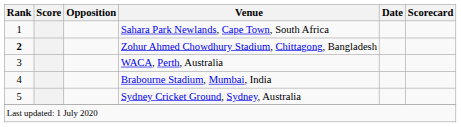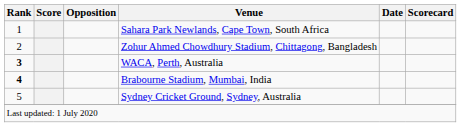 <table class="wikitable plainrowheaders sortable">
 <tr>
 <th scope=col>Rank</th>
 <th scope=col>Score</th>
 <th scope=col>Opposition</th>
 <th scope=col>Venue</th>
 <th scope=col>Date</th>
 <th scope=col>Scorecard</th>
 </tr>
 <tr>
 <td align=center>1</td>
 <th scope=row style=text-align:center;></th>
 <td></td>
 <td><a href='#'>Sahara Park Newlands</a>, <a href='#'>Cape Town</a>, South Africa</td>
 <td></td>
 <td></td>
 </tr>
 <tr>
-<td align=center><strong>2</strong></td>
+<td align=center>2</td>
 <th scope=row style=text-align:center;></th>
 <td></td>
 <td><a href='#'>Zohur Ahmed Chowdhury Stadium</a>, <a href='#'>Chittagong</a>, Bangladesh</td>
 <td></td>
 <td></td>
 </tr>
 <tr>
-<td align=center>3</td>
+<td align=center><strong>3</strong></td>
 <th scope=row style=text-align:center;></th>
 <td></td>
 <td><a href='#'>WACA</a>, <a href='#'>Perth</a>, Australia</td>
 <td></td>
 <td></td>
 </tr>
 <tr>
-<td align=center>4</td>
+<td align=center><strong>4</strong></td>
 <th scope=row style=text-align:center;></th>
 <td></td>
 <td><a href='#'>Brabourne Stadium</a>, <a href='#'>Mumbai</a>, India</td>
 <td></td>
 <td></td>
 </tr>
 <tr>
 <td align=center>5</td>
 <th scope=row style=text-align:center;></th>
 <td></td>
 <td><a href='#'>Sydney Cricket Ground</a>, <a href='#'>Sydney</a>, Australia</td>
 <td></td>
 <td></td>
 </tr>
 <tr>
 </tr>
 <tr class=sortbottom>
 <td colspan=6><small>Last updated: 1 July 2020</small></td>
 </tr>
 </table>
